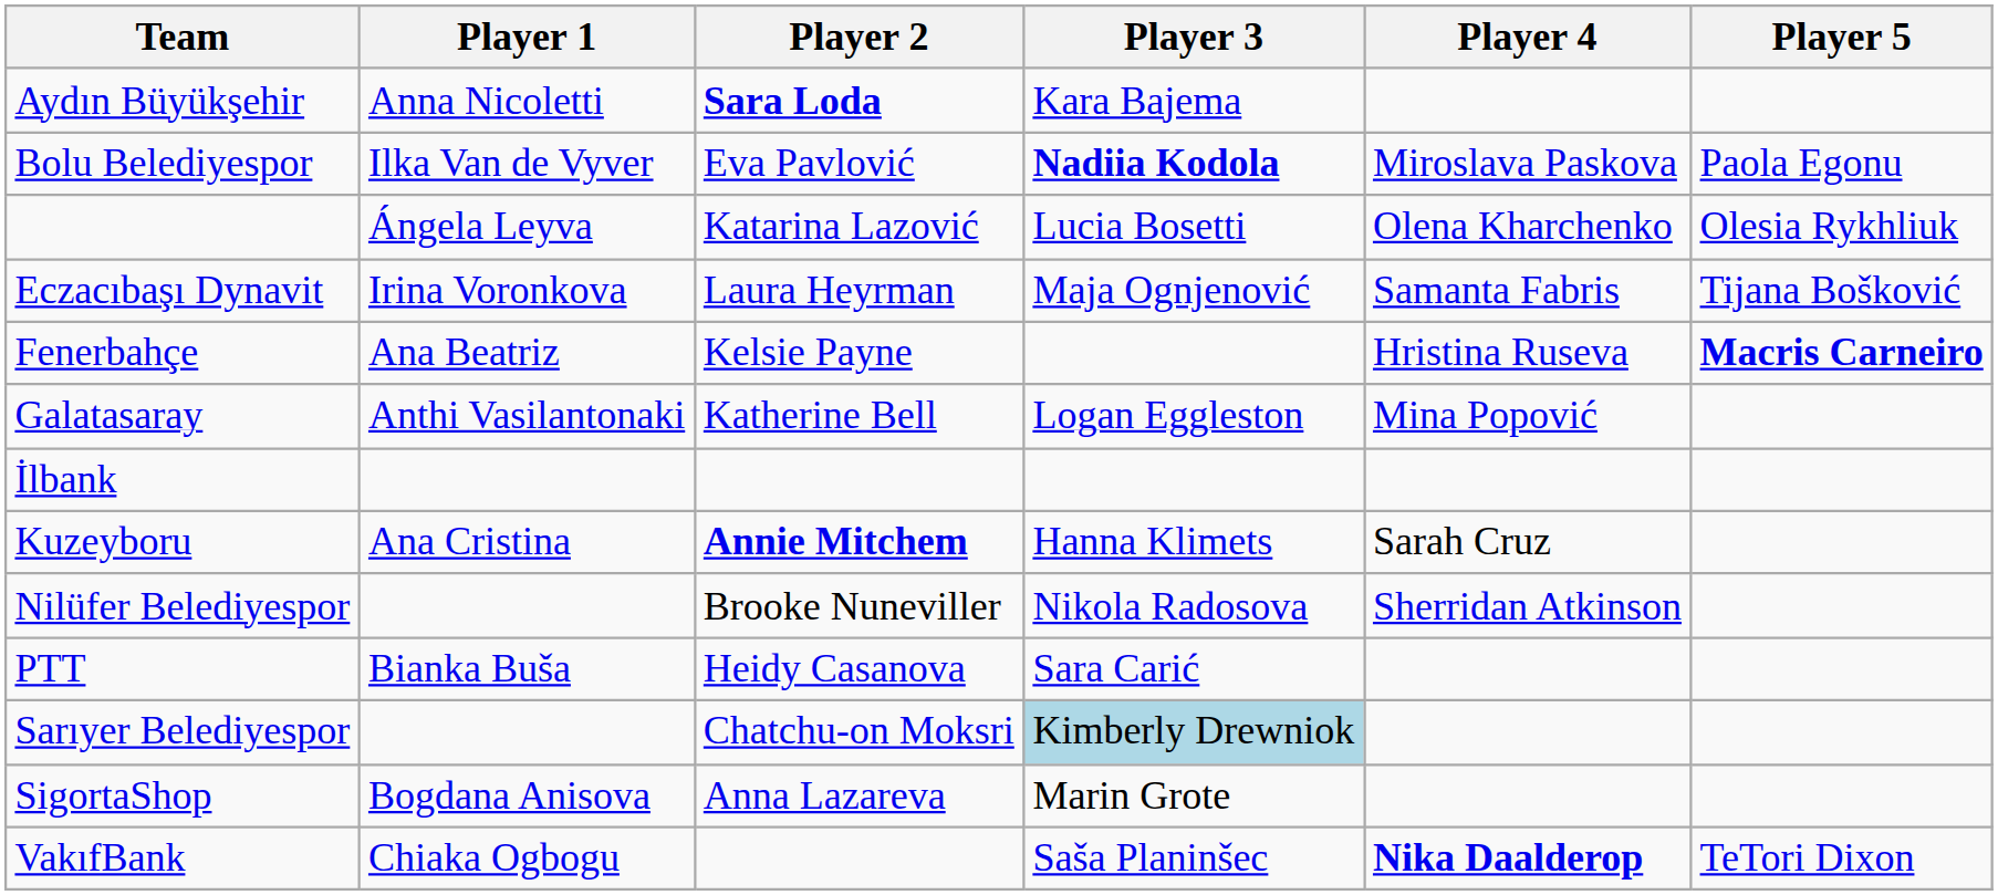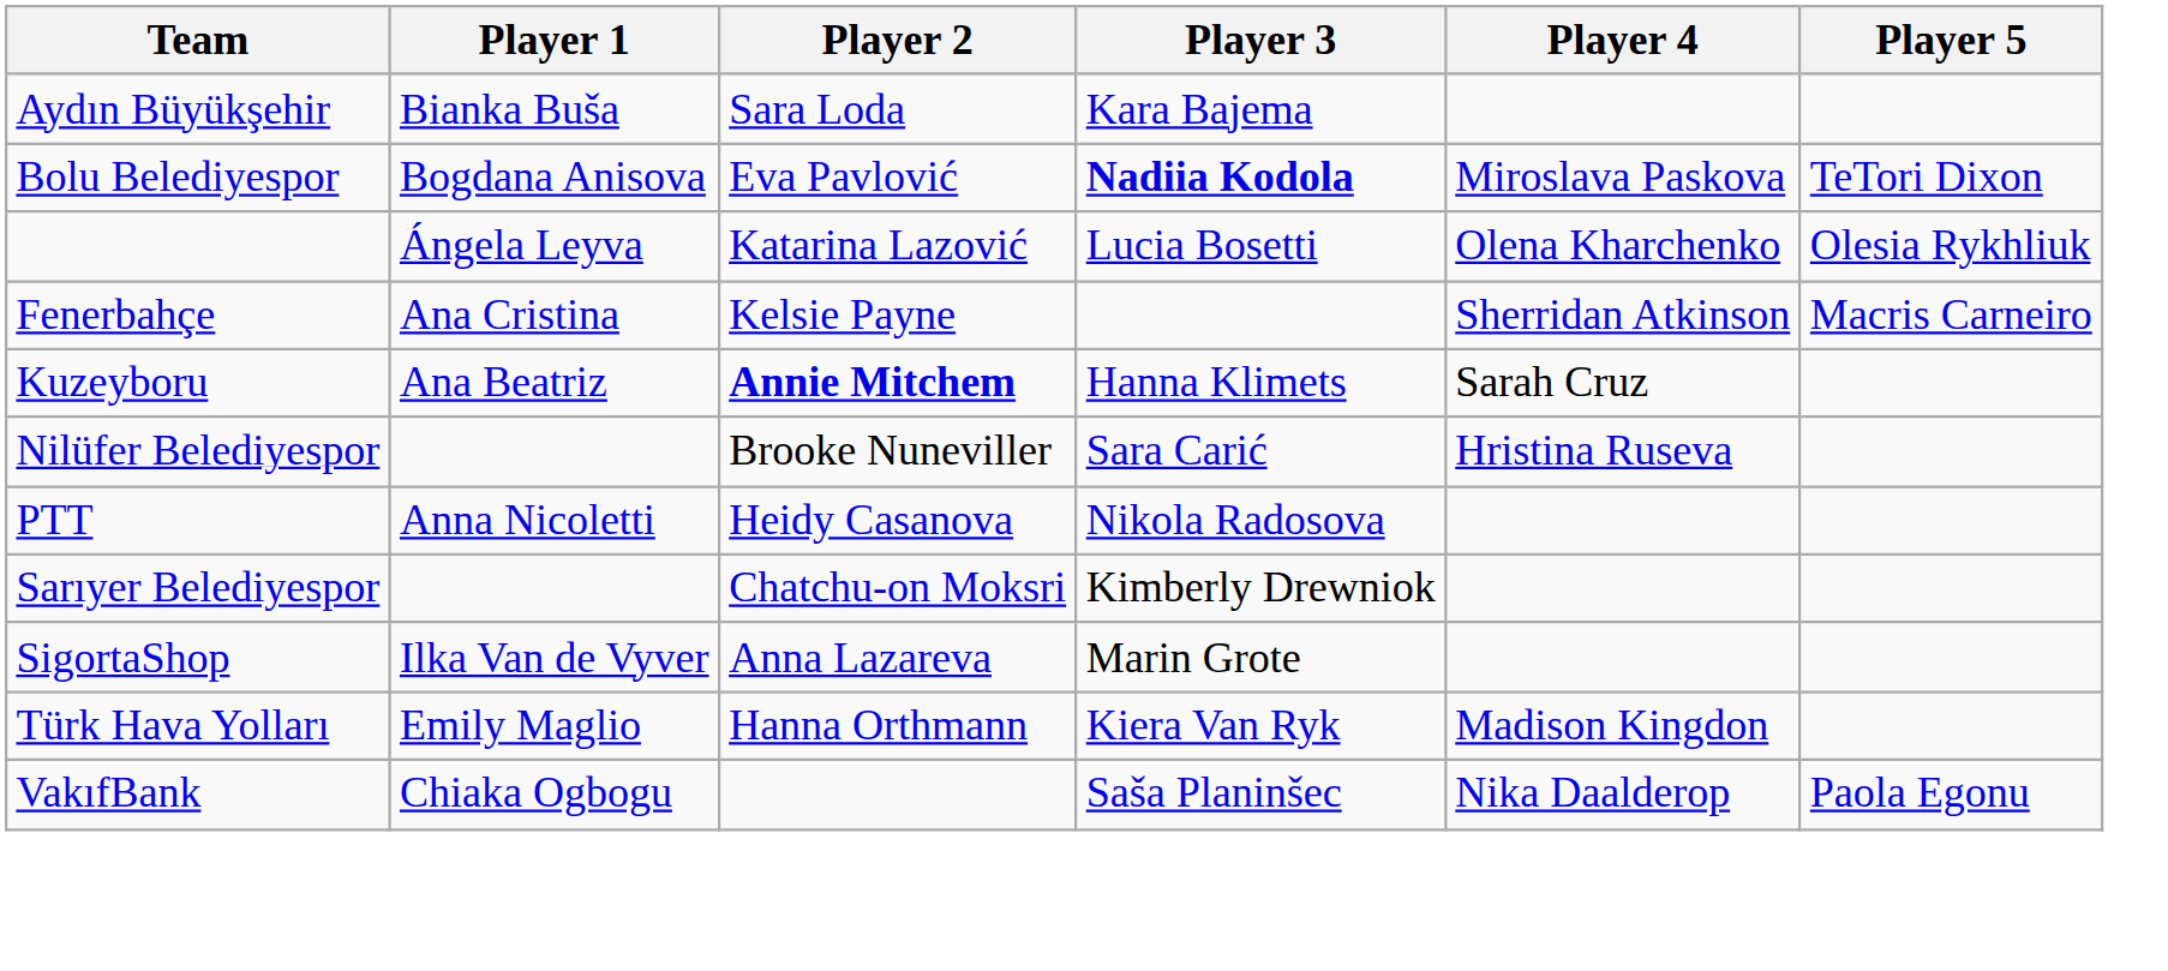 <table class="wikitable" style="font-size:%;100 width: 70%; text-align:left;">
 <tr>
 <th>Team</th>
 <th>Player 1</th>
 <th>Player 2</th>
 <th>Player 3</th>
 <th>Player 4</th>
 <th>Player 5</th>
 </tr>
 <tr>
 <td><a href='#'>Aydın Büyükşehir</a></td>
-<td> <a href='#'>Anna Nicoletti</a></td>
-<td><strong> <a href='#'>Sara Loda</a></strong></td>
+<td> <a href='#'>Bianka Buša</a></td>
+<td> <a href='#'>Sara Loda</a></td>
 <td> <a href='#'>Kara Bajema</a></td>
 <td></td>
 <td></td>
 </tr>
 <tr>
 <td><a href='#'>Bolu Belediyespor</a></td>
-<td> <a href='#'>Ilka Van de Vyver</a></td>
+<td> <a href='#'>Bogdana Anisova</a></td>
 <td> <a href='#'>Eva Pavlović</a></td>
 <td><strong> <a href='#'>Nadiia Kodola</a></strong></td>
 <td> <a href='#'>Miroslava Paskova</a></td>
-<td> <a href='#'>Paola Egonu</a></td>
+<td> <a href='#'>TeTori Dixon</a></td>
 </tr>
 <tr>
 <td></td>
 <td> <a href='#'>Ángela Leyva</a></td>
 <td> <a href='#'>Katarina Lazović</a></td>
 <td> <a href='#'>Lucia Bosetti</a></td>
 <td> <a href='#'>Olena Kharchenko</a></td>
 <td> <a href='#'>Olesia Rykhliuk</a></td>
 </tr>
 <tr>
-<td><a href='#'>Eczacıbaşı Dynavit</a></td>
-<td> <a href='#'>Irina Voronkova</a></td>
-<td> <a href='#'>Laura Heyrman</a></td>
-<td> <a href='#'>Maja Ognjenović</a></td>
-<td> <a href='#'>Samanta Fabris</a></td>
-<td> <a href='#'>Tijana Bošković</a></td>
-</tr>
-<tr>
 <td><a href='#'>Fenerbahçe</a></td>
-<td> <a href='#'>Ana Beatriz</a></td>
+<td> <a href='#'>Ana Cristina</a></td>
 <td> <a href='#'>Kelsie Payne</a></td>
 <td></td>
-<td> <a href='#'>Hristina Ruseva</a></td>
-<td><strong> <a href='#'>Macris Carneiro</a></strong></td>
-</tr>
-<tr>
-<td><a href='#'>Galatasaray</a></td>
-<td> <a href='#'>Anthi Vasilantonaki</a></td>
-<td> <a href='#'>Katherine Bell</a></td>
-<td> <a href='#'>Logan Eggleston</a></td>
-<td> <a href='#'>Mina Popović</a></td>
-<td></td>
-</tr>
-<tr>
-<td><a href='#'>İlbank</a></td>
-<td></td>
-<td></td>
-<td></td>
-<td></td>
-<td></td>
+<td> <a href='#'>Sherridan Atkinson</a></td>
+<td> <a href='#'>Macris Carneiro</a></td>
 </tr>
 <tr>
 <td><a href='#'>Kuzeyboru</a></td>
-<td> <a href='#'>Ana Cristina</a></td>
+<td> <a href='#'>Ana Beatriz</a></td>
 <td><strong> <a href='#'>Annie Mitchem</a></strong></td>
 <td> <a href='#'>Hanna Klimets</a></td>
 <td> Sarah Cruz</td>
 <td></td>
 </tr>
 <tr>
 <td><a href='#'>Nilüfer Belediyespor</a></td>
 <td></td>
 <td> Brooke Nuneviller</td>
-<td> <a href='#'>Nikola Radosova</a></td>
-<td> <a href='#'>Sherridan Atkinson</a></td>
+<td> <a href='#'>Sara Carić</a></td>
+<td> <a href='#'>Hristina Ruseva</a></td>
 <td></td>
 </tr>
 <tr>
 <td><a href='#'>PTT</a></td>
-<td> <a href='#'>Bianka Buša</a></td>
+<td> <a href='#'>Anna Nicoletti</a></td>
 <td> <a href='#'>Heidy Casanova</a></td>
-<td> <a href='#'>Sara Carić</a></td>
+<td> <a href='#'>Nikola Radosova</a></td>
 <td></td>
 <td></td>
 </tr>
 <tr>
 <td><a href='#'>Sarıyer Belediyespor</a></td>
 <td></td>
 <td> <a href='#'>Chatchu-on Moksri</a></td>
-<td style="background: lightblue;"> Kimberly Drewniok</td>
+<td> Kimberly Drewniok</td>
 <td></td>
 <td></td>
 </tr>
 <tr>
 <td><a href='#'>SigortaShop</a></td>
-<td> <a href='#'>Bogdana Anisova</a></td>
+<td> <a href='#'>Ilka Van de Vyver</a></td>
 <td> <a href='#'>Anna Lazareva</a></td>
 <td> Marin Grote</td>
 <td></td>
+<td></td>
+</tr>
+<tr>
+<td><a href='#'>Türk Hava Yolları</a></td>
+<td> <a href='#'>Emily Maglio</a></td>
+<td> <a href='#'>Hanna Orthmann</a></td>
+<td> <a href='#'>Kiera Van Ryk</a></td>
+<td> <a href='#'>Madison Kingdon</a></td>
 <td></td>
 </tr>
 <tr>
 <td><a href='#'>VakıfBank</a></td>
 <td> <a href='#'>Chiaka Ogbogu</a></td>
 <td></td>
 <td> <a href='#'>Saša Planinšec</a></td>
-<td><strong> <a href='#'>Nika Daalderop</a></strong></td>
-<td> <a href='#'>TeTori Dixon</a></td>
+<td> <a href='#'>Nika Daalderop</a></td>
+<td> <a href='#'>Paola Egonu</a></td>
 </tr>
 </table>
